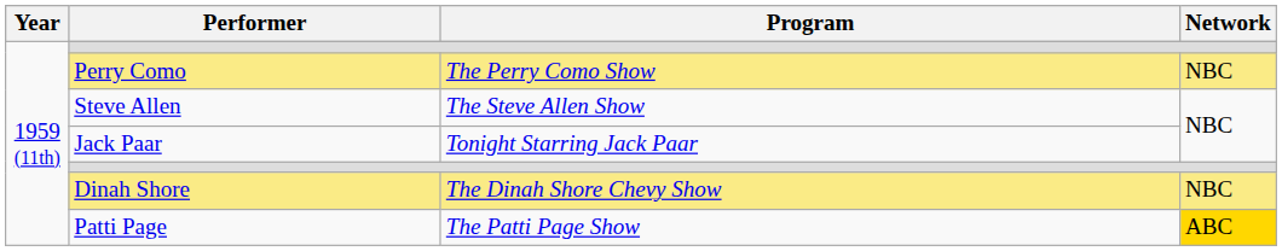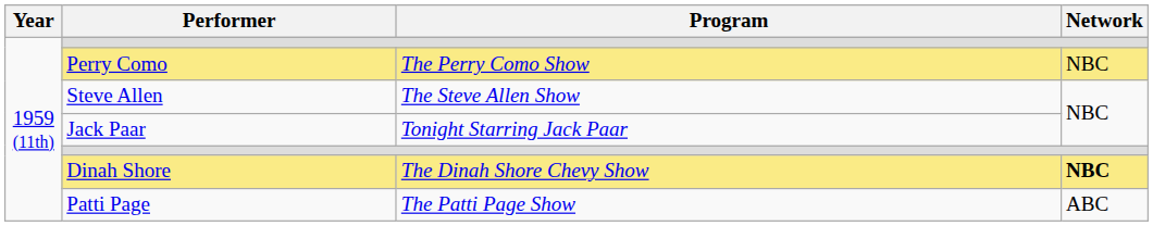 <table class="wikitable" style="width:100%">
 <tr bgcolor="#bebebe">
 <th width="5%">Year</th>
 <th width="30%">Performer</th>
 <th width="60%">Program</th>
 <th width="5%">Network</th>
 </tr>
 <tr>
 <td rowspan=8 style="text-align:center"><a href='#'>1959</a><br><small><a href='#'>(11th)</a></small></td>
 </tr>
 <tr>
 <td style="background:#ddd" colspan=3></td>
 </tr>
 <tr style="background:#FAEB86">
 <td><a href='#'>Perry Como</a></td>
 <td><em><a href='#'>The Perry Como Show</a></em></td>
 <td>NBC</td>
 </tr>
 <tr>
 <td><a href='#'>Steve Allen</a></td>
 <td><em><a href='#'>The Steve Allen Show</a></em></td>
 <td rowspan=2>NBC</td>
 </tr>
 <tr>
 <td><a href='#'>Jack Paar</a></td>
 <td><em><a href='#'>Tonight Starring Jack Paar</a></em></td>
 </tr>
 <tr>
 <td style="background:#ddd" colspan=3></td>
 </tr>
 <tr style="background:#FAEB86">
 <td><a href='#'>Dinah Shore</a></td>
 <td><em><a href='#'>The Dinah Shore Chevy Show</a></em></td>
-<td>NBC</td>
+<td><strong>NBC</strong></td>
 </tr>
 <tr>
 <td><a href='#'>Patti Page</a></td>
 <td><em><a href='#'>The Patti Page Show</a></em></td>
-<td style="background: gold;">ABC</td>
+<td>ABC</td>
 </tr>
 </table>
